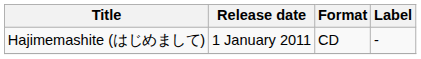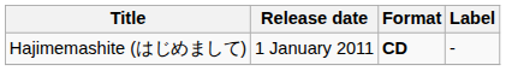 <table class="wikitable">
 <tr>
 <th>Title</th>
 <th>Release date</th>
 <th>Format</th>
 <th>Label</th>
 </tr>
 <tr>
 <td>Hajimemashite (はじめまして)</td>
 <td>1 January 2011</td>
-<td>CD</td>
+<td><strong>CD</strong></td>
 <td>-</td>
 </tr>
 <tr>
 </tr>
 </table>
